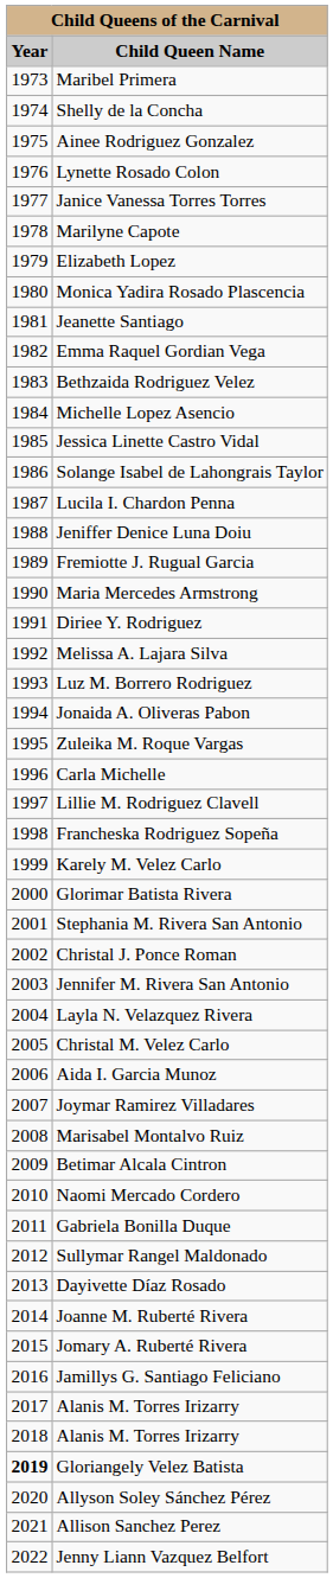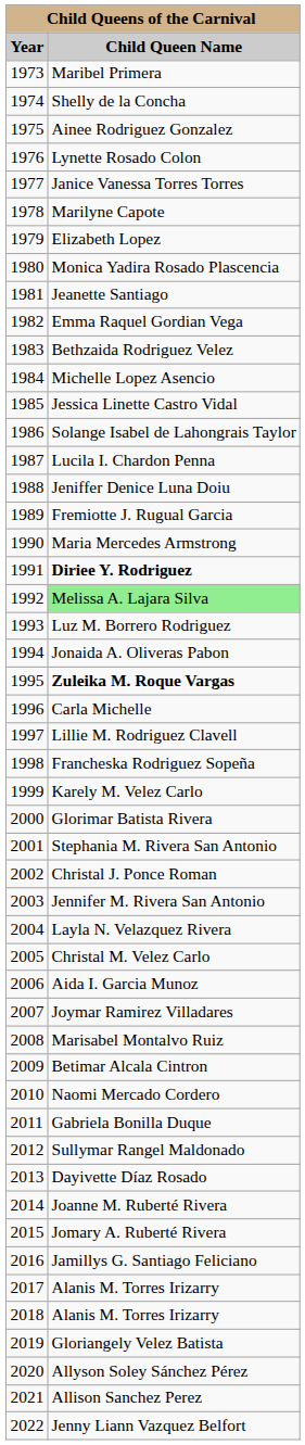 <table class="wikitable collapsible collapsed" style="float:left; margin:0 0 0.5em 1em; text-align:left; font-size:90%;">
 <tr>
 <th style="background:tan; text-align:center" colspan="2"><span>Child Queens of the Carnival</span> </th>
 </tr>
 <tr style="background:#ccc; text-align:center;">
 <td><strong>Year</strong></td>
 <td><strong>Child Queen Name</strong></td>
 </tr>
 <tr>
 <td align=left>1973</td>
 <td>Maribel Primera</td>
 </tr>
 <tr>
 <td align=left>1974</td>
 <td>Shelly de la Concha</td>
 </tr>
 <tr>
 <td align=left>1975</td>
 <td>Ainee Rodriguez Gonzalez</td>
 </tr>
 <tr>
 <td align=left>1976</td>
 <td>Lynette Rosado Colon</td>
 </tr>
 <tr>
 <td align=left>1977</td>
 <td>Janice Vanessa Torres Torres</td>
 </tr>
 <tr>
 <td align=left>1978</td>
 <td>Marilyne Capote</td>
 </tr>
 <tr>
 <td align=left>1979</td>
 <td>Elizabeth Lopez</td>
 </tr>
 <tr>
 <td align=left>1980</td>
 <td>Monica Yadira Rosado Plascencia</td>
 </tr>
 <tr>
 <td align=left>1981</td>
 <td>Jeanette Santiago</td>
 </tr>
 <tr>
 <td align=left>1982</td>
 <td>Emma Raquel Gordian Vega</td>
 </tr>
 <tr>
 <td align=left>1983</td>
 <td>Bethzaida Rodriguez Velez</td>
 </tr>
 <tr>
 <td align=left>1984</td>
 <td>Michelle Lopez Asencio</td>
 </tr>
 <tr>
 <td align=left>1985</td>
 <td>Jessica Linette Castro Vidal</td>
 </tr>
 <tr>
 <td align=left>1986</td>
 <td>Solange Isabel de Lahongrais Taylor</td>
 </tr>
 <tr>
 <td align=left>1987</td>
 <td>Lucila I. Chardon Penna</td>
 </tr>
 <tr>
 <td align=left>1988</td>
 <td>Jeniffer Denice Luna Doiu</td>
 </tr>
 <tr>
 <td align=left>1989</td>
 <td>Fremiotte J. Rugual Garcia</td>
 </tr>
 <tr>
 <td align=left>1990</td>
 <td>Maria Mercedes Armstrong</td>
 </tr>
 <tr>
 <td align=left>1991</td>
-<td>Diriee Y. Rodriguez</td>
+<td><strong>Diriee Y. Rodriguez</strong></td>
 </tr>
 <tr>
 <td align=left>1992</td>
-<td>Melissa A. Lajara Silva</td>
+<td style="background: lightgreen;">Melissa A. Lajara Silva</td>
 </tr>
 <tr>
 <td align=left>1993</td>
 <td>Luz M. Borrero Rodriguez</td>
 </tr>
 <tr>
 <td align=left>1994</td>
 <td>Jonaida A. Oliveras Pabon</td>
 </tr>
 <tr>
 <td align=left>1995</td>
-<td>Zuleika M. Roque Vargas</td>
+<td><strong>Zuleika M. Roque Vargas</strong></td>
 </tr>
 <tr>
 <td align=left>1996</td>
 <td>Carla Michelle</td>
 </tr>
 <tr>
 <td align=left>1997</td>
 <td>Lillie M. Rodriguez Clavell</td>
 </tr>
 <tr>
 <td align=left>1998</td>
 <td>Francheska Rodriguez Sopeña</td>
 </tr>
 <tr>
 <td align=left>1999</td>
 <td>Karely M. Velez Carlo</td>
 </tr>
 <tr>
 <td align=left>2000</td>
 <td>Glorimar Batista Rivera</td>
 </tr>
 <tr>
 <td align=left>2001</td>
 <td>Stephania M. Rivera San Antonio</td>
 </tr>
 <tr>
 <td align=left>2002</td>
 <td>Christal J. Ponce Roman</td>
 </tr>
 <tr>
 <td align=left>2003</td>
 <td>Jennifer M. Rivera San Antonio</td>
 </tr>
 <tr>
 <td align=left>2004</td>
 <td>Layla N. Velazquez Rivera</td>
 </tr>
 <tr>
 <td align=left>2005</td>
 <td>Christal M. Velez Carlo</td>
 </tr>
 <tr>
 <td align=left>2006</td>
 <td>Aida I. Garcia Munoz</td>
 </tr>
 <tr>
 <td align=left>2007</td>
 <td>Joymar Ramirez Villadares</td>
 </tr>
 <tr>
 <td align=left>2008</td>
 <td>Marisabel Montalvo Ruiz</td>
 </tr>
 <tr>
 <td align=left>2009</td>
 <td>Betimar Alcala Cintron</td>
 </tr>
 <tr>
 <td align=left>2010</td>
 <td>Naomi Mercado Cordero</td>
 </tr>
 <tr>
 <td align=left>2011</td>
 <td>Gabriela Bonilla Duque</td>
 </tr>
 <tr>
 <td align=left>2012</td>
 <td>Sullymar Rangel Maldonado</td>
 </tr>
 <tr>
 <td align=left>2013</td>
 <td>Dayivette Díaz Rosado</td>
 </tr>
 <tr>
 <td align=left>2014</td>
 <td>Joanne M. Ruberté Rivera</td>
 </tr>
 <tr>
 <td align=left>2015</td>
 <td>Jomary A. Ruberté Rivera</td>
 </tr>
 <tr>
 <td align=left>2016</td>
 <td>Jamillys G. Santiago Feliciano</td>
 </tr>
 <tr>
 <td align=left>2017</td>
 <td>Alanis M. Torres Irizarry</td>
 </tr>
 <tr>
 <td align=left>2018</td>
 <td>Alanis M. Torres Irizarry</td>
 </tr>
 <tr>
-<td align=left><strong>2019</strong></td>
+<td align=left>2019</td>
 <td>Gloriangely Velez Batista</td>
 </tr>
 <tr>
 <td align=left>2020</td>
 <td>Allyson Soley Sánchez Pérez</td>
 </tr>
 <tr>
 <td align=left>2021</td>
 <td>Allison Sanchez Perez</td>
 </tr>
 <tr>
 <td align=left>2022</td>
 <td>Jenny Liann Vazquez Belfort</td>
 </tr>
 </table>
